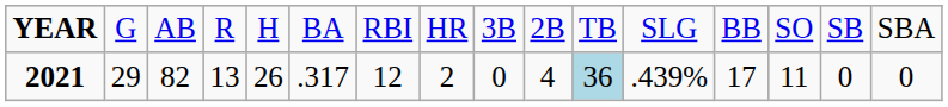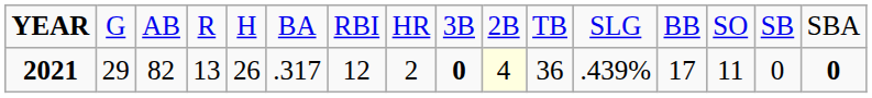 <table class="wikitable">
 <tr align=center>
 <td><strong>YEAR</strong></td>
 <td><a href='#'>G</a></td>
 <td><a href='#'>AB</a></td>
 <td><a href='#'>R</a></td>
 <td><a href='#'>H</a></td>
 <td><a href='#'>BA</a></td>
 <td><a href='#'>RBI</a></td>
 <td><a href='#'>HR</a></td>
 <td><a href='#'>3B</a></td>
 <td><a href='#'>2B</a></td>
 <td><a href='#'>TB</a></td>
 <td><a href='#'>SLG</a></td>
 <td><a href='#'>BB</a></td>
 <td><a href='#'>SO</a></td>
 <td><a href='#'>SB</a></td>
 <td>SBA</td>
 </tr>
 <tr align=center>
 <td><strong>2021</strong></td>
 <td>29</td>
 <td>82</td>
 <td>13</td>
 <td>26</td>
 <td>.317</td>
 <td>12</td>
 <td>2</td>
-<td>0</td>
-<td>4</td>
-<td style="background: lightblue;">36</td>
+<td><strong>0</strong></td>
+<td style="background: lightyellow;">4</td>
+<td>36</td>
 <td>.439%</td>
 <td>17</td>
 <td>11</td>
 <td>0</td>
-<td>0</td>
+<td><strong>0</strong></td>
 </tr>
 </table>
